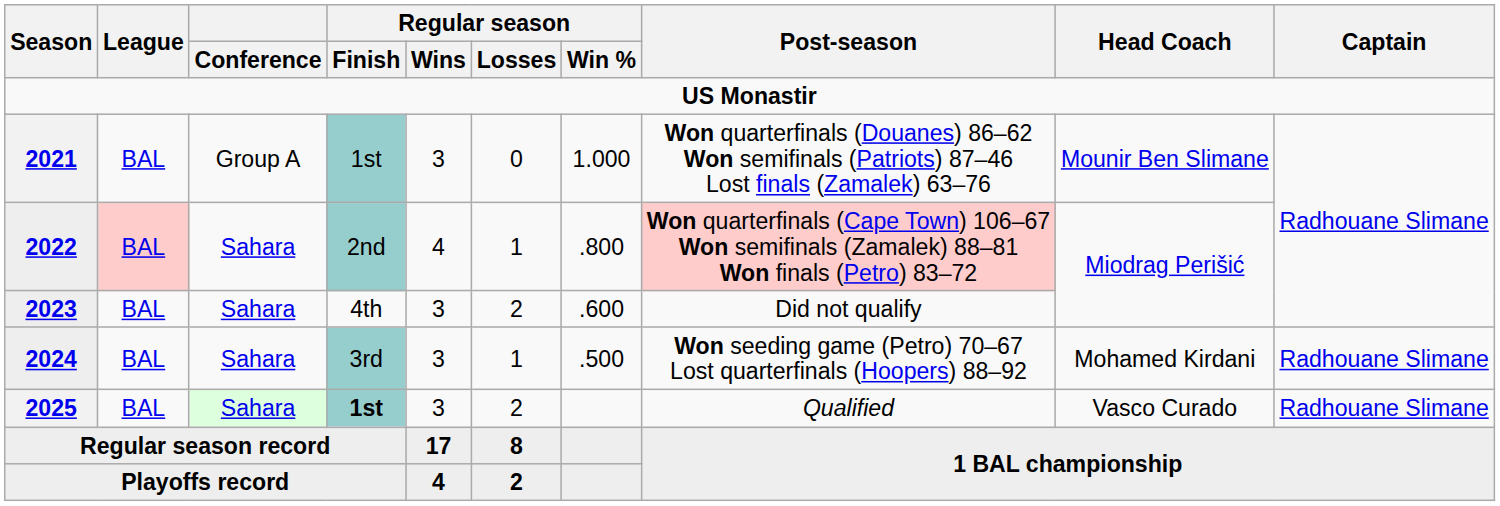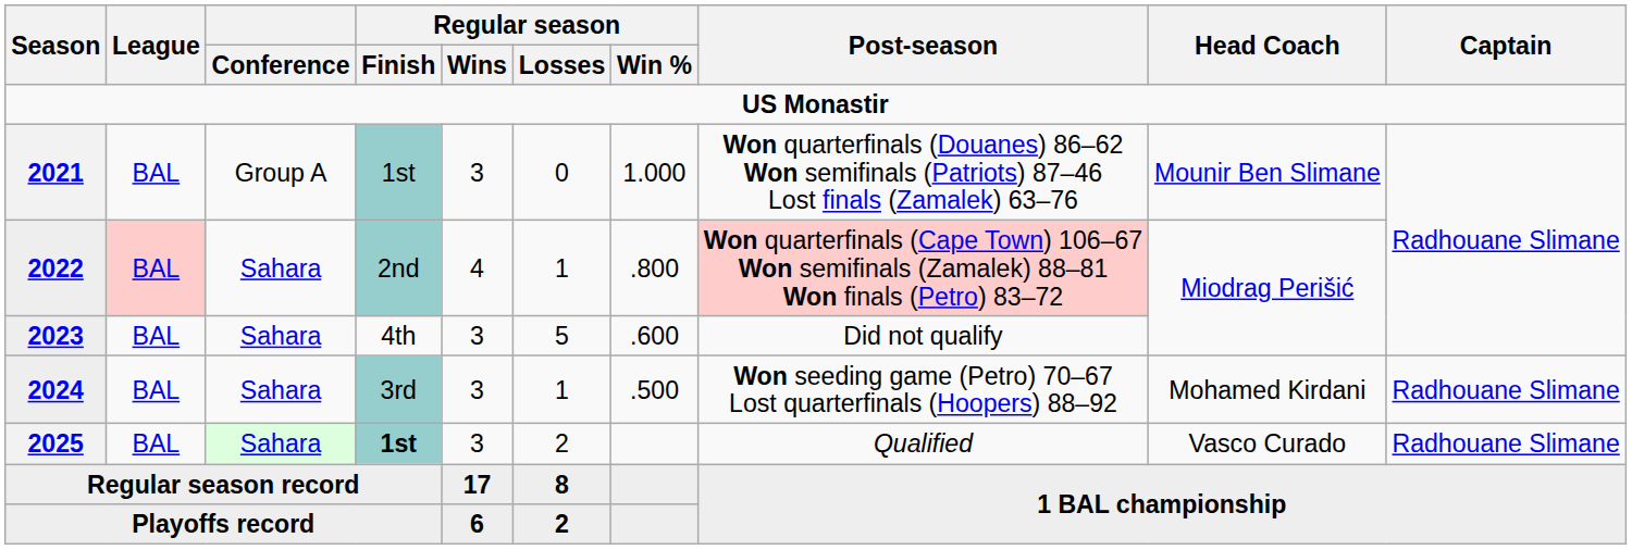 <table class="wikitable" style="font-size:95%; text-align:center">
 <tr>
 <th rowspan="2">Season</th>
 <th rowspan="2">League</th>
 <th></th>
 <th colspan="4">Regular season</th>
 <th rowspan="2">Post-season</th>
 <th rowspan="2">Head Coach</th>
 <th rowspan="2">Captain</th>
 </tr>
 <tr>
 <th>Conference</th>
 <th>Finish</th>
 <th>Wins</th>
 <th>Losses</th>
 <th>Win %</th>
 </tr>
 <tr>
 <td colspan="11" align="center"><strong>US Monastir</strong></td>
 </tr>
 <tr>
 <th><a href='#'>2021</a></th>
 <td><a href='#'>BAL</a></td>
 <td>Group A</td>
 <td style="text-align:center;background-color:#96CDCD;">1st</td>
 <td>3</td>
 <td>0</td>
 <td>1.000</td>
 <td><strong>Won</strong> quarterfinals (<a href='#'>Douanes</a>) 86–62<br><strong>Won</strong> semifinals (<a href='#'>Patriots</a>) 87–46<br>Lost <a href='#'>finals</a> (<a href='#'>Zamalek</a>) 63–76</td>
 <td><a href='#'>Mounir Ben Slimane</a></td>
 <td rowspan="3"><a href='#'>Radhouane Slimane</a></td>
 </tr>
 <tr>
 <th style="background:#eee;"><a href='#'>2022</a></th>
 <td bgcolor="#FFCCCC" style="text-align:center;"><a href='#'>BAL</a></td>
 <td><a href='#'>Sahara</a></td>
 <td style="text-align:center; background-color:#96CDCD;">2nd</td>
 <td style="text-align:center;">4</td>
 <td style="text-align:center;">1</td>
 <td style="text-align:center;">.800</td>
 <td bgcolor="#FFCCCC" style="text-align:center;background-color: ;"><strong>Won</strong> quarterfinals (<a href='#'>Cape Town</a>) 106–67<br><strong>Won</strong> semifinals (Zamalek) 88–81<br><strong>Won</strong> finals (<a href='#'>Petro</a>) 83–72</td>
 <td rowspan="2" style="text-align:center;"><a href='#'>Miodrag Perišić</a></td>
 </tr>
 <tr>
 <th style="background:#eee;"><a href='#'>2023</a></th>
 <td style="text-align:center;"><a href='#'>BAL</a></td>
 <td><a href='#'>Sahara</a></td>
 <td style="text-align:center;">4th</td>
 <td style="text-align:center;">3</td>
-<td style="text-align:center;">2</td>
+<td style="text-align:center;">5</td>
 <td style="text-align:center;">.600</td>
 <td>Did not qualify</td>
 </tr>
 <tr>
 <th style="background:#eee;"><a href='#'>2024</a></th>
 <td style="text-align:center;"><a href='#'>BAL</a></td>
 <td><a href='#'>Sahara</a></td>
 <td style="text-align:center; background-color:#96CDCD;">3rd</td>
 <td style="text-align:center;">3</td>
 <td style="text-align:center;">1</td>
 <td style="text-align:center;">.500</td>
 <td style="text-align:center;background-color: ;"><strong>Won</strong> seeding game (Petro) 70–67<br>Lost quarterfinals (<a href='#'>Hoopers</a>) 88–92</td>
 <td style="text-align:center;">Mohamed Kirdani</td>
 <td style="text-align: center;"><a href='#'>Radhouane Slimane</a></td>
 </tr>
 <tr>
 <th><a href='#'>2025</a></th>
 <td style="text-align: center;"><a href='#'>BAL</a></td>
 <td bgcolor="#DDFFDD"><a href='#'>Sahara</a></td>
 <td style="text-align:center; background-color:#96CDCD;"><strong>1st</strong></td>
 <td style="text-align: center;">3</td>
 <td style="text-align: center;">2</td>
 <td><strong></strong></td>
 <td style="text-align: center;"><em>Qualified</em></td>
 <td style="text-align: center;">Vasco Curado</td>
 <td style="text-align: center;"><a href='#'>Radhouane Slimane</a></td>
 </tr>
 <tr>
 <th colspan="4" style="background:#eee;">Regular season record</th>
 <td style="background:#eee;"><strong>17</strong></td>
 <td style="background:#eee;"><strong>8</strong></td>
 <td style="background:#eee;"><strong></strong></td>
 <td colspan="3" rowspan="2" style="background:#eee;"><strong>1 BAL championship</strong></td>
 </tr>
 <tr>
 <th colspan="4" style="background:#eee;">Playoffs record</th>
-<td style="background:#eee;"><strong>4</strong></td>
+<td style="background:#eee;"><strong>6</strong></td>
 <td style="background:#eee;"><strong>2</strong></td>
 <td style="background:#eee;"><strong></strong></td>
 </tr>
 </table>
